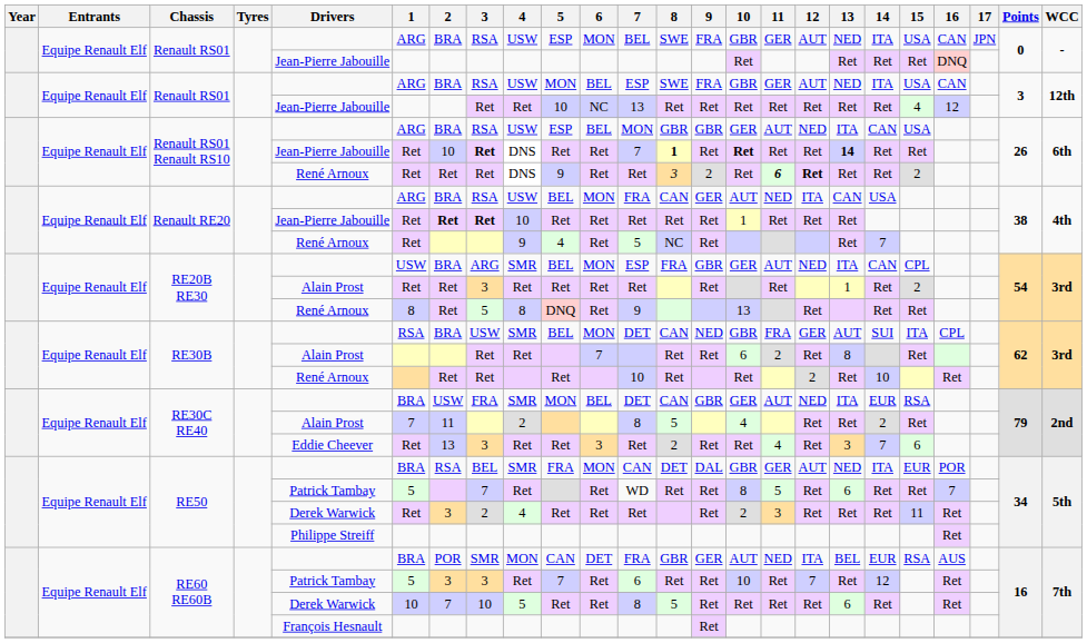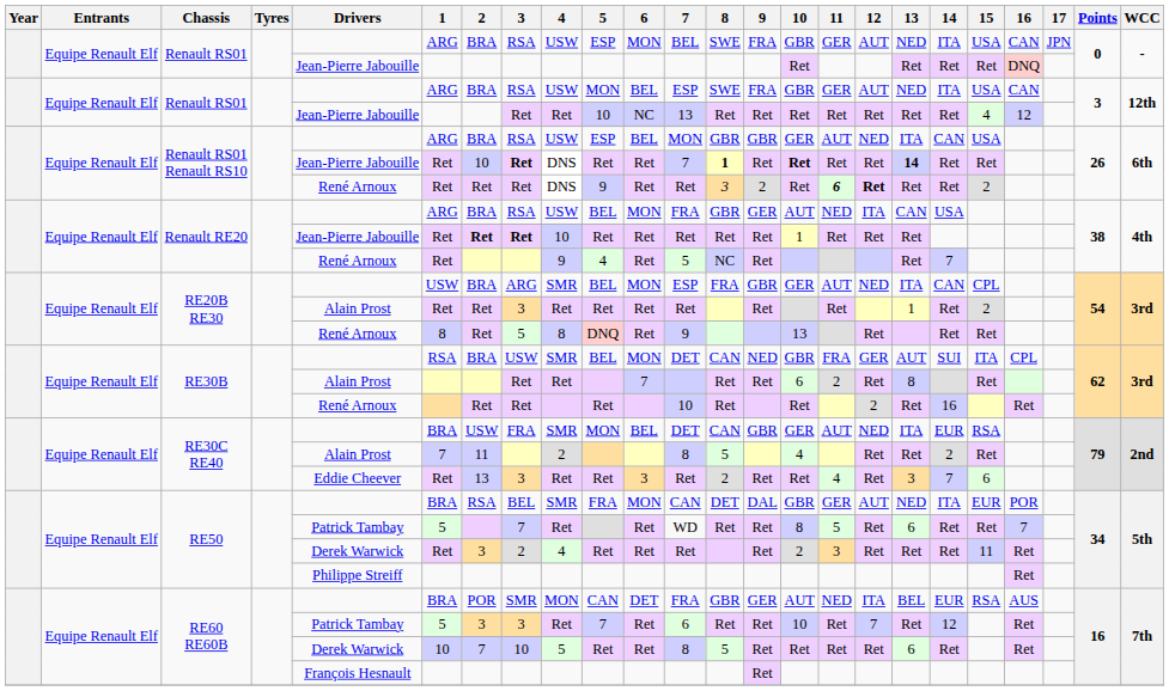 <table class="wikitable" style="text-align:center; font-size:95%">
 <tr>
 <th>Year</th>
 <th>Entrants</th>
 <th>Chassis</th>
 <th>Tyres</th>
 <th>Drivers</th>
 <th>1</th>
 <th>2</th>
 <th>3</th>
 <th>4</th>
 <th>5</th>
 <th>6</th>
 <th>7</th>
 <th>8</th>
 <th>9</th>
 <th>10</th>
 <th>11</th>
 <th>12</th>
 <th>13</th>
 <th>14</th>
 <th>15</th>
 <th>16</th>
 <th>17</th>
 <th><a href='#'>Points</a></th>
 <th>WCC</th>
 </tr>
 <tr>
 <th rowspan="2"></th>
 <td rowspan="2"><a href='#'>Equipe Renault Elf</a></td>
 <td rowspan="2"><a href='#'>Renault RS01</a></td>
 <td rowspan="2"></td>
 <td></td>
 <td><a href='#'>ARG</a></td>
 <td><a href='#'>BRA</a></td>
 <td><a href='#'>RSA</a></td>
 <td><a href='#'>USW</a></td>
 <td><a href='#'>ESP</a></td>
 <td><a href='#'>MON</a></td>
 <td><a href='#'>BEL</a></td>
 <td><a href='#'>SWE</a></td>
 <td><a href='#'>FRA</a></td>
 <td><a href='#'>GBR</a></td>
 <td><a href='#'>GER</a></td>
 <td><a href='#'>AUT</a></td>
 <td><a href='#'>NED</a></td>
 <td><a href='#'>ITA</a></td>
 <td><a href='#'>USA</a></td>
 <td><a href='#'>CAN</a></td>
 <td><a href='#'>JPN</a></td>
 <td rowspan="2"><strong>0</strong></td>
 <td rowspan="2"><strong>-</strong></td>
 </tr>
 <tr>
 <td><a href='#'>Jean-Pierre Jabouille</a></td>
 <td></td>
 <td></td>
 <td></td>
 <td></td>
 <td></td>
 <td></td>
 <td></td>
 <td></td>
 <td></td>
 <td style="background:#EFCFFF;">Ret</td>
 <td></td>
 <td></td>
 <td style="background:#EFCFFF;">Ret</td>
 <td style="background:#EFCFFF;">Ret</td>
 <td style="background:#EFCFFF;">Ret</td>
 <td style="background:#ffcfcf;">DNQ</td>
 <td></td>
 </tr>
 <tr>
 <th rowspan="2"></th>
 <td rowspan="2"><a href='#'>Equipe Renault Elf</a></td>
 <td rowspan="2"><a href='#'>Renault RS01</a></td>
 <td rowspan="2"></td>
 <td></td>
 <td><a href='#'>ARG</a></td>
 <td><a href='#'>BRA</a></td>
 <td><a href='#'>RSA</a></td>
 <td><a href='#'>USW</a></td>
 <td><a href='#'>MON</a></td>
 <td><a href='#'>BEL</a></td>
 <td><a href='#'>ESP</a></td>
 <td><a href='#'>SWE</a></td>
 <td><a href='#'>FRA</a></td>
 <td><a href='#'>GBR</a></td>
 <td><a href='#'>GER</a></td>
 <td><a href='#'>AUT</a></td>
 <td><a href='#'>NED</a></td>
 <td><a href='#'>ITA</a></td>
 <td><a href='#'>USA</a></td>
 <td><a href='#'>CAN</a></td>
 <td></td>
 <td rowspan="2"><strong>3</strong></td>
 <td rowspan="2"><strong>12th</strong></td>
 </tr>
 <tr>
 <td><a href='#'>Jean-Pierre Jabouille</a></td>
 <td></td>
 <td></td>
 <td style="background:#EFCFFF;">Ret</td>
 <td style="background:#EFCFFF;">Ret</td>
 <td style="background:#CFCFFF;">10</td>
 <td style="background:#CFCFFF;">NC</td>
 <td style="background:#CFCFFF;">13</td>
 <td style="background:#EFCFFF;">Ret</td>
 <td style="background:#EFCFFF;">Ret</td>
 <td style="background:#EFCFFF;">Ret</td>
 <td style="background:#EFCFFF;">Ret</td>
 <td style="background:#EFCFFF;">Ret</td>
 <td style="background:#EFCFFF;">Ret</td>
 <td style="background:#EFCFFF;">Ret</td>
 <td style="background:#dfffdf;">4</td>
 <td style="background:#CFCFFF;">12</td>
 <td></td>
 </tr>
 <tr>
 <th rowspan="3"></th>
 <td rowspan="3"><a href='#'>Equipe Renault Elf</a></td>
 <td rowspan="3"><a href='#'>Renault RS01</a> <br> <a href='#'>Renault RS10</a></td>
 <td rowspan="3"></td>
 <td></td>
 <td><a href='#'>ARG</a></td>
 <td><a href='#'>BRA</a></td>
 <td><a href='#'>RSA</a></td>
 <td><a href='#'>USW</a></td>
 <td><a href='#'>ESP</a></td>
 <td><a href='#'>BEL</a></td>
 <td><a href='#'>MON</a></td>
 <td><a href='#'>GBR</a></td>
 <td><a href='#'>GBR</a></td>
 <td><a href='#'>GER</a></td>
 <td><a href='#'>AUT</a></td>
 <td><a href='#'>NED</a></td>
 <td><a href='#'>ITA</a></td>
 <td><a href='#'>CAN</a></td>
 <td><a href='#'>USA</a></td>
 <td></td>
 <td></td>
 <td rowspan="3"><strong>26</strong></td>
 <td rowspan="3"><strong>6th</strong></td>
 </tr>
 <tr>
 <td><a href='#'>Jean-Pierre Jabouille</a></td>
 <td style="background:#EFCFFF;">Ret</td>
 <td style="background:#CFCFFF;">10</td>
 <td style="background:#EFCFFF;"><strong>Ret</strong></td>
 <td style="background:#FFFFFF;">DNS</td>
 <td style="background:#EFCFFF;">Ret</td>
 <td style="background:#EFCFFF;">Ret</td>
 <td style="background:#CFCFFF;">7</td>
 <td style="background:#FFFFBF;"><strong>1</strong></td>
 <td style="background:#EFCFFF;">Ret</td>
 <td style="background:#EFCFFF;"><strong>Ret</strong></td>
 <td style="background:#EFCFFF;">Ret</td>
 <td style="background:#EFCFFF;">Ret</td>
 <td style="background:#CFCFFF;"><strong>14</strong></td>
 <td style="background:#EFCFFF;">Ret</td>
 <td style="background:#EFCFFF;">Ret</td>
 <td></td>
 <td></td>
 </tr>
 <tr>
 <td><a href='#'>René Arnoux</a></td>
 <td style="background:#EFCFFF;">Ret</td>
 <td style="background:#EFCFFF;">Ret</td>
 <td style="background:#EFCFFF;">Ret</td>
 <td style="background:#FFFFFF;">DNS</td>
 <td style="background:#CFCFFF;">9</td>
 <td style="background:#EFCFFF;">Ret</td>
 <td style="background:#EFCFFF;">Ret</td>
 <td style="background:#FFDF9F;"><em>3</em></td>
 <td style="background:#DFDFDF;">2</td>
 <td style="background:#EFCFFF;">Ret</td>
 <td style="background:#DFFFDF;"><strong><em>6</em></strong></td>
 <td style="background:#EFCFFF;"><strong>Ret</strong></td>
 <td style="background:#EFCFFF;">Ret</td>
 <td style="background:#EFCFFF;">Ret</td>
 <td style="background:#DFDFDF;">2</td>
 <td></td>
 <td></td>
 </tr>
 <tr>
 <th rowspan="3"></th>
 <td rowspan="3"><a href='#'>Equipe Renault Elf</a></td>
 <td rowspan="3"><a href='#'>Renault RE20</a></td>
 <td rowspan="3"></td>
 <td></td>
 <td><a href='#'>ARG</a></td>
 <td><a href='#'>BRA</a></td>
 <td><a href='#'>RSA</a></td>
 <td><a href='#'>USW</a></td>
 <td><a href='#'>BEL</a></td>
 <td><a href='#'>MON</a></td>
 <td><a href='#'>FRA</a></td>
-<td><a href='#'>CAN</a></td>
+<td><a href='#'>GBR</a></td>
 <td><a href='#'>GER</a></td>
 <td><a href='#'>AUT</a></td>
 <td><a href='#'>NED</a></td>
 <td><a href='#'>ITA</a></td>
 <td><a href='#'>CAN</a></td>
 <td><a href='#'>USA</a></td>
 <td></td>
 <td></td>
 <td></td>
 <td rowspan="3"><strong>38</strong></td>
 <td rowspan="3"><strong>4th</strong></td>
 </tr>
 <tr>
 <td><a href='#'>Jean-Pierre Jabouille</a></td>
 <td style="background:#efcfff;">Ret</td>
 <td style="background:#efcfff;"><strong>Ret</strong></td>
 <td style="background:#efcfff;"><strong>Ret</strong></td>
 <td style="background:#cfcfff;">10</td>
 <td style="background:#efcfff;">Ret</td>
 <td style="background:#efcfff;">Ret</td>
 <td style="background:#efcfff;">Ret</td>
 <td style="background:#efcfff;">Ret</td>
 <td style="background:#efcfff;">Ret</td>
 <td style="background:#ffffbf;">1</td>
 <td style="background:#efcfff;">Ret</td>
 <td style="background:#efcfff;">Ret</td>
 <td style="background:#efcfff;">Ret</td>
 <td></td>
 <td></td>
 <td></td>
 <td></td>
 </tr>
 <tr>
 <td><a href='#'>René Arnoux</a></td>
 <td style="background:#efcfff;">Ret</td>
 <td style="background:#FFFFBF;"></td>
 <td style="background:#FFFFBF;"></td>
 <td style="background:#CFCFFF;">9</td>
 <td style="background:#DFFFDF;">4</td>
 <td style="background:#efcfff;">Ret</td>
 <td style="background:#DFFFDF;">5</td>
 <td style="background:#CFCFFF;">NC</td>
 <td style="background:#efcfff;">Ret</td>
 <td style="background:#CFCFFF;"></td>
 <td style="background:#DFDFDF;"></td>
 <td style="background:#CFCFFF;"></td>
 <td style="background:#efcfff;">Ret</td>
 <td style="background:#CFCFFF;">7</td>
 <td></td>
 <td></td>
 <td></td>
 </tr>
 <tr>
 <th rowspan="3"></th>
 <td rowspan="3"><a href='#'>Equipe Renault Elf</a></td>
 <td rowspan="3"><a href='#'>RE20B</a> <br> <a href='#'>RE30</a></td>
 <td rowspan="3"></td>
 <td></td>
 <td><a href='#'>USW</a></td>
 <td><a href='#'>BRA</a></td>
 <td><a href='#'>ARG</a></td>
 <td><a href='#'>SMR</a></td>
 <td><a href='#'>BEL</a></td>
 <td><a href='#'>MON</a></td>
 <td><a href='#'>ESP</a></td>
 <td><a href='#'>FRA</a></td>
 <td><a href='#'>GBR</a></td>
 <td><a href='#'>GER</a></td>
 <td><a href='#'>AUT</a></td>
 <td><a href='#'>NED</a></td>
 <td><a href='#'>ITA</a></td>
 <td><a href='#'>CAN</a></td>
 <td><a href='#'>CPL</a></td>
 <td></td>
 <td></td>
 <td rowspan="3" style="background:#FFDF9F;"><strong>54</strong></td>
 <td rowspan="3" style="background:#FFDF9F;"><strong>3rd</strong></td>
 </tr>
 <tr>
 <td><a href='#'>Alain Prost</a></td>
 <td style="background:#EFCFFF;">Ret</td>
 <td style="background:#EFCFFF;">Ret</td>
 <td style="background:#FFDF9F;">3</td>
 <td style="background:#EFCFFF;">Ret</td>
 <td style="background:#EFCFFF;">Ret</td>
 <td style="background:#EFCFFF;">Ret</td>
 <td style="background:#EFCFFF;">Ret</td>
 <td style="background:#FFFFBF;"></td>
 <td style="background:#EFCFFF;">Ret</td>
 <td style="background:#DFDFDF;"></td>
 <td style="background:#EFCFFF;">Ret</td>
 <td style="background:#FFFFBF;"></td>
 <td style="background:#FFFFBF;">1</td>
 <td style="background:#EFCFFF;">Ret</td>
 <td style="background:#DFDFDF;">2</td>
 <td></td>
 <td></td>
 </tr>
 <tr>
 <td><a href='#'>René Arnoux</a></td>
 <td style="background:#CFCFFF;">8</td>
 <td style="background:#EFCFFF;">Ret</td>
 <td style="background:#DFFFDF;">5</td>
 <td style="background:#CFCFFF;">8</td>
 <td style="background:#FFCFCF;">DNQ</td>
 <td style="background:#EFCFFF;">Ret</td>
 <td style="background:#CFCFFF;">9</td>
 <td style="background:#DFFFDF;"></td>
 <td style="background:#CFCFFF;"></td>
 <td style="background:#CFCFFF;">13</td>
 <td style="background:#DFDFDF;"></td>
 <td style="background:#EFCFFF;">Ret</td>
 <td style="background:#EFCFFF;"></td>
 <td style="background:#EFCFFF;">Ret</td>
 <td style="background:#EFCFFF;">Ret</td>
 <td></td>
 <td></td>
 </tr>
 <tr>
 <th rowspan="3"></th>
 <td rowspan="3"><a href='#'>Equipe Renault Elf</a></td>
 <td rowspan="3"><a href='#'>RE30B</a></td>
 <td rowspan="3"></td>
 <td></td>
 <td><a href='#'>RSA</a></td>
 <td><a href='#'>BRA</a></td>
 <td><a href='#'>USW</a></td>
 <td><a href='#'>SMR</a></td>
 <td><a href='#'>BEL</a></td>
 <td><a href='#'>MON</a></td>
 <td><a href='#'>DET</a></td>
 <td><a href='#'>CAN</a></td>
 <td><a href='#'>NED</a></td>
 <td><a href='#'>GBR</a></td>
 <td><a href='#'>FRA</a></td>
 <td><a href='#'>GER</a></td>
 <td><a href='#'>AUT</a></td>
 <td><a href='#'>SUI</a></td>
 <td><a href='#'>ITA</a></td>
 <td><a href='#'>CPL</a></td>
 <td></td>
 <td rowspan="3" style="background:#FFDF9F;"><strong>62</strong></td>
 <td rowspan="3" style="background:#FFDF9F;"><strong>3rd</strong></td>
 </tr>
 <tr>
 <td><a href='#'>Alain Prost</a></td>
 <td style="background:#FFFFBF;"></td>
 <td style="background:#FFFFBF;"></td>
 <td style="background:#EFCFFF;">Ret</td>
 <td style="background:#EFCFFF;">Ret</td>
 <td style="background:#EFCFFF;"></td>
 <td style="background:#CFCFFF;">7</td>
 <td style="background:#CFCFFF;"></td>
 <td style="background:#EFCFFF;">Ret</td>
 <td style="background:#EFCFFF;">Ret</td>
 <td style="background:#DFFFDF;">6</td>
 <td style="background:#DFDFDF;">2</td>
 <td style="background:#EFCFFF;">Ret</td>
 <td style="background:#CFCFFF;">8</td>
 <td style="background:#DFDFDF;"></td>
 <td style="background:#EFCFFF;">Ret</td>
 <td style="background:#DFFFDF;"></td>
 <td></td>
 </tr>
 <tr>
 <td><a href='#'>René Arnoux</a></td>
 <td style="background:#FFDF9F;"></td>
 <td style="background:#EFCFFF;">Ret</td>
 <td style="background:#EFCFFF;">Ret</td>
 <td style="background:#EFCFFF;"></td>
 <td style="background:#EFCFFF;">Ret</td>
 <td style="background:#EFCFFF;"></td>
 <td style="background:#CFCFFF;">10</td>
 <td style="background:#EFCFFF;">Ret</td>
 <td style="background:#EFCFFF;"></td>
 <td style="background:#EFCFFF;">Ret</td>
 <td style="background:#FFFFBF;"></td>
 <td style="background:#DFDFDF;">2</td>
 <td style="background:#EFCFFF;">Ret</td>
-<td style="background:#CFCFFF;">10</td>
+<td style="background:#CFCFFF;">16</td>
 <td style="background:#FFFFBF;"></td>
 <td style="background:#EFCFFF;">Ret</td>
 <td></td>
 </tr>
 <tr>
 <th rowspan="3"></th>
 <td rowspan="3"><a href='#'>Equipe Renault Elf</a></td>
 <td rowspan="3"><a href='#'>RE30C</a> <br> <a href='#'>RE40</a></td>
 <td rowspan="3"></td>
 <td></td>
 <td><a href='#'>BRA</a></td>
 <td><a href='#'>USW</a></td>
 <td><a href='#'>FRA</a></td>
 <td><a href='#'>SMR</a></td>
 <td><a href='#'>MON</a></td>
 <td><a href='#'>BEL</a></td>
 <td><a href='#'>DET</a></td>
 <td><a href='#'>CAN</a></td>
 <td><a href='#'>GBR</a></td>
 <td><a href='#'>GER</a></td>
 <td><a href='#'>AUT</a></td>
 <td><a href='#'>NED</a></td>
 <td><a href='#'>ITA</a></td>
 <td><a href='#'>EUR</a></td>
 <td><a href='#'>RSA</a></td>
 <td></td>
 <td></td>
 <td rowspan="3" style="background:#DFDFDF;"><strong>79</strong></td>
 <td rowspan="3" style="background:#DFDFDF;"><strong>2nd</strong></td>
 </tr>
 <tr>
 <td><a href='#'>Alain Prost</a></td>
 <td style="background:#CFCFFF;">7</td>
 <td style="background:#CFCFFF;">11</td>
 <td style="background:#FFFFBF;"></td>
 <td style="background:#DFDFDF;">2</td>
 <td style="background:#FFDF9F;"></td>
 <td style="background:#FFFFBF;"></td>
 <td style="background:#CFCFFF;">8</td>
 <td style="background:#DFFFDF;">5</td>
 <td style="background:#FFFFBF;"></td>
 <td style="background:#DFFFDF;">4</td>
 <td style="background:#FFFFBF;"></td>
 <td style="background:#EFCFFF;">Ret</td>
 <td style="background:#EFCFFF;">Ret</td>
 <td style="background:#DFDFDF;">2</td>
 <td style="background:#EFCFFF;">Ret</td>
 <td></td>
 <td></td>
 </tr>
 <tr>
 <td><a href='#'>Eddie Cheever</a></td>
 <td style="background:#EFCFFF;">Ret</td>
 <td style="background:#CFCFFF;">13</td>
 <td style="background:#FFDF9F;">3</td>
 <td style="background:#EFCFFF;">Ret</td>
 <td style="background:#EFCFFF;">Ret</td>
 <td style="background:#FFDF9F;">3</td>
 <td style="background:#EFCFFF;">Ret</td>
 <td style="background:#DFDFDF;">2</td>
 <td style="background:#EFCFFF;">Ret</td>
 <td style="background:#EFCFFF;">Ret</td>
 <td style="background:#DFFFDF;">4</td>
 <td style="background:#EFCFFF;">Ret</td>
 <td style="background:#FFDF9F;">3</td>
 <td style="background:#CFCFFF;">7</td>
 <td style="background:#DFFFDF;">6</td>
 <td></td>
 <td></td>
 </tr>
 <tr>
 <th rowspan="4"></th>
 <td rowspan="4"><a href='#'>Equipe Renault Elf</a></td>
 <td rowspan="4"><a href='#'>RE50</a></td>
 <td rowspan="4"></td>
 <td></td>
 <td><a href='#'>BRA</a></td>
 <td><a href='#'>RSA</a></td>
 <td><a href='#'>BEL</a></td>
 <td><a href='#'>SMR</a></td>
 <td><a href='#'>FRA</a></td>
 <td><a href='#'>MON</a></td>
 <td><a href='#'>CAN</a></td>
 <td><a href='#'>DET</a></td>
 <td><a href='#'>DAL</a></td>
 <td><a href='#'>GBR</a></td>
 <td><a href='#'>GER</a></td>
 <td><a href='#'>AUT</a></td>
 <td><a href='#'>NED</a></td>
 <td><a href='#'>ITA</a></td>
 <td><a href='#'>EUR</a></td>
 <td><a href='#'>POR</a></td>
 <td></td>
 <th rowspan="4">34</th>
 <th rowspan="4">5th</th>
 </tr>
 <tr>
 <td><a href='#'>Patrick Tambay</a></td>
 <td style="background:#DFFFDF;">5</td>
 <td style="background:#EFCFFF;"></td>
 <td style="background:#CFCFFF;">7</td>
 <td style="background:#EFCFFF;">Ret</td>
 <td style="background:#DFDFDF;"></td>
 <td style="background:#EFCFFF;">Ret</td>
 <td>WD</td>
 <td style="background:#EFCFFF;">Ret</td>
 <td style="background:#EFCFFF;">Ret</td>
 <td style="background:#CFCFFF;">8</td>
 <td style="background:#DFFFDF;">5</td>
 <td style="background:#EFCFFF;">Ret</td>
 <td style="background:#DFFFDF;">6</td>
 <td style="background:#EFCFFF;">Ret</td>
 <td style="background:#EFCFFF;">Ret</td>
 <td style="background:#CFCFFF;">7</td>
 <td></td>
 </tr>
 <tr>
 <td><a href='#'>Derek Warwick</a></td>
 <td style="background:#EFCFFF;">Ret</td>
 <td style="background:#FFDF9F;">3</td>
 <td style="background:#DFDFDF;">2</td>
 <td style="background:#DFFFDF;">4</td>
 <td style="background:#EFCFFF;">Ret</td>
 <td style="background:#EFCFFF;">Ret</td>
 <td style="background:#EFCFFF;">Ret</td>
 <td style="background:#EFCFFF;"></td>
 <td style="background:#EFCFFF;">Ret</td>
 <td style="background:#DFDFDF;">2</td>
 <td style="background:#FFDF9F;">3</td>
 <td style="background:#EFCFFF;">Ret</td>
 <td style="background:#EFCFFF;">Ret</td>
 <td style="background:#EFCFFF;">Ret</td>
 <td style="background:#CFCFFF;">11</td>
 <td style="background:#EFCFFF;">Ret</td>
 <td></td>
 </tr>
 <tr>
 <td><a href='#'>Philippe Streiff</a></td>
 <td></td>
 <td></td>
 <td></td>
 <td></td>
 <td></td>
 <td></td>
 <td></td>
 <td></td>
 <td></td>
 <td></td>
 <td></td>
 <td></td>
 <td></td>
 <td></td>
 <td></td>
 <td style="background:#EFCFFF;">Ret</td>
 <td></td>
 </tr>
 <tr>
 <th rowspan="4"></th>
 <td rowspan="4"><a href='#'>Equipe Renault Elf</a></td>
 <td rowspan="4"><a href='#'>RE60</a> <br> <a href='#'>RE60B</a></td>
 <td rowspan="4"></td>
 <td></td>
 <td><a href='#'>BRA</a></td>
 <td><a href='#'>POR</a></td>
 <td><a href='#'>SMR</a></td>
 <td><a href='#'>MON</a></td>
 <td><a href='#'>CAN</a></td>
 <td><a href='#'>DET</a></td>
 <td><a href='#'>FRA</a></td>
 <td><a href='#'>GBR</a></td>
 <td><a href='#'>GER</a></td>
 <td><a href='#'>AUT</a></td>
 <td><a href='#'>NED</a></td>
 <td><a href='#'>ITA</a></td>
 <td><a href='#'>BEL</a></td>
 <td><a href='#'>EUR</a></td>
 <td><a href='#'>RSA</a></td>
 <td><a href='#'>AUS</a></td>
 <td></td>
 <th rowspan="4">16</th>
 <th rowspan="4">7th</th>
 </tr>
 <tr>
 <td><a href='#'>Patrick Tambay</a></td>
 <td style="background:#DFFFDF;">5</td>
 <td style="background:#FFDF9F;">3</td>
 <td style="background:#FFDF9F;">3</td>
 <td style="background:#EFCFFF;">Ret</td>
 <td style="background:#CFCFFF;">7</td>
 <td style="background:#EFCFFF;">Ret</td>
 <td style="background:#DFFFDF;">6</td>
 <td style="background:#EFCFFF;">Ret</td>
 <td style="background:#EFCFFF;">Ret</td>
 <td style="background:#CFCFFF;">10</td>
 <td style="background:#EFCFFF;">Ret</td>
 <td style="background:#CFCFFF;">7</td>
 <td style="background:#EFCFFF;">Ret</td>
 <td style="background:#CFCFFF;">12</td>
 <td></td>
 <td style="background:#EFCFFF;">Ret</td>
 <td></td>
 </tr>
 <tr>
 <td><a href='#'>Derek Warwick</a></td>
 <td style="background:#CFCFFF;">10</td>
 <td style="background:#CFCFFF;">7</td>
 <td style="background:#CFCFFF;">10</td>
 <td style="background:#DFFFDF;">5</td>
 <td style="background:#EFCFFF;">Ret</td>
 <td style="background:#EFCFFF;">Ret</td>
 <td style="background:#CFCFFF;">8</td>
 <td style="background:#DFFFDF;">5</td>
 <td style="background:#EFCFFF;">Ret</td>
 <td style="background:#EFCFFF;">Ret</td>
 <td style="background:#EFCFFF;">Ret</td>
 <td style="background:#EFCFFF;">Ret</td>
 <td style="background:#DFFFDF;">6</td>
 <td style="background:#EFCFFF;">Ret</td>
 <td></td>
 <td style="background:#EFCFFF;">Ret</td>
 <td></td>
 </tr>
 <tr>
 <td><a href='#'>François Hesnault</a></td>
 <td></td>
 <td></td>
 <td></td>
 <td></td>
 <td></td>
 <td></td>
 <td></td>
 <td></td>
 <td style="background:#EFCFFF;">Ret</td>
 <td></td>
 <td></td>
 <td></td>
 <td></td>
 <td></td>
 <td></td>
 <td></td>
 <td></td>
 </tr>
 <tr>
 </tr>
 </table>
